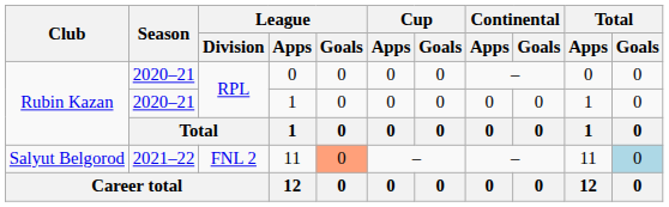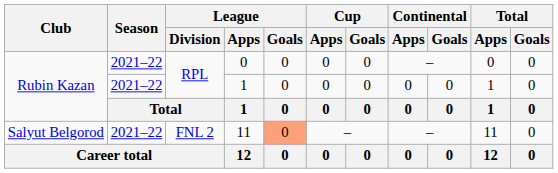 <table class="wikitable" style="text-align: center;">
 <tr>
 <th rowspan=2>Club</th>
 <th rowspan=2>Season</th>
 <th colspan=3>League</th>
 <th colspan=2>Cup</th>
 <th colspan=2>Continental</th>
 <th colspan=2>Total</th>
 </tr>
 <tr>
 <th>Division</th>
 <th>Apps</th>
 <th>Goals</th>
 <th>Apps</th>
 <th>Goals</th>
 <th>Apps</th>
 <th>Goals</th>
 <th>Apps</th>
 <th>Goals</th>
 </tr>
 <tr>
 <td rowspan="3"><a href='#'>Rubin Kazan</a></td>
-<td><a href='#'>2020–21</a></td>
+<td><a href='#'>2021–22</a></td>
 <td rowspan="2"><a href='#'>RPL</a></td>
 <td>0</td>
 <td>0</td>
 <td>0</td>
 <td>0</td>
 <td colspan=2>–</td>
 <td>0</td>
 <td>0</td>
 </tr>
 <tr>
-<td><a href='#'>2020–21</a></td>
+<td><a href='#'>2021–22</a></td>
 <td>1</td>
 <td>0</td>
 <td>0</td>
 <td>0</td>
 <td>0</td>
 <td>0</td>
 <td>1</td>
 <td>0</td>
 </tr>
 <tr>
 <th colspan=2>Total</th>
 <th>1</th>
 <th>0</th>
 <th>0</th>
 <th>0</th>
 <th>0</th>
 <th>0</th>
 <th>1</th>
 <th>0</th>
 </tr>
 <tr>
 <td><a href='#'>Salyut Belgorod</a></td>
 <td><a href='#'>2021–22</a></td>
 <td><a href='#'>FNL 2</a></td>
 <td>11</td>
 <td style="background: lightsalmon;">0</td>
 <td colspan=2>–</td>
 <td colspan=2>–</td>
 <td>11</td>
-<td style="background: lightblue;">0</td>
+<td>0</td>
 </tr>
 <tr>
 <th colspan=3>Career total</th>
 <th>12</th>
 <th>0</th>
 <th>0</th>
 <th>0</th>
 <th>0</th>
 <th>0</th>
 <th>12</th>
 <th>0</th>
 </tr>
 </table>
